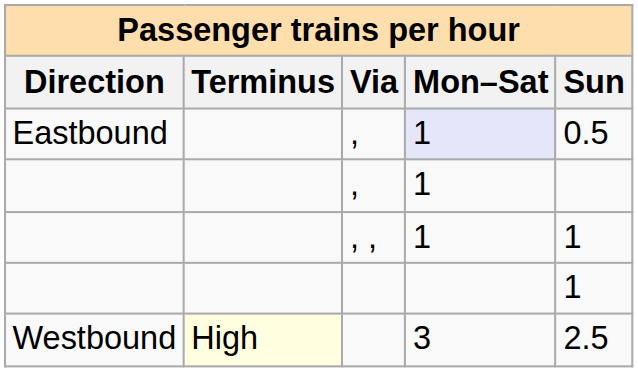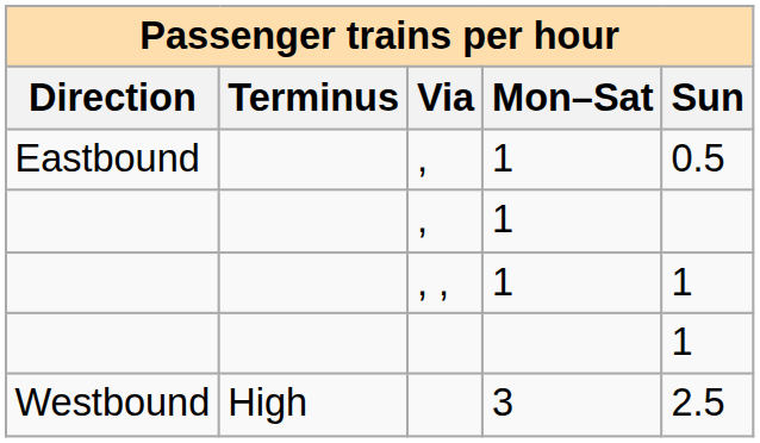 <table class="wikitable">
 <tr>
 <th colspan="5" style="background:#ffdead;">Passenger trains per hour</th>
 </tr>
 <tr>
 <th>Direction</th>
 <th>Terminus</th>
 <th>Via</th>
 <th>Mon–Sat</th>
 <th>Sun </th>
 </tr>
 <tr>
 <td>Eastbound</td>
 <td></td>
 <td>, </td>
-<td style="background: lavender;">1</td>
+<td>1</td>
 <td>0.5</td>
 </tr>
 <tr>
 <td></td>
 <td></td>
 <td>, </td>
 <td>1</td>
 <td></td>
 </tr>
 <tr>
 <td></td>
 <td></td>
 <td>, ,<br></td>
 <td>1</td>
 <td>1</td>
 </tr>
 <tr>
 <td></td>
 <td></td>
 <td></td>
 <td></td>
 <td>1</td>
 </tr>
 <tr>
 <td>Westbound</td>
-<td style="background: lightyellow;"> High</td>
+<td> High</td>
 <td></td>
 <td>3</td>
 <td>2.5</td>
 </tr>
 </table>
